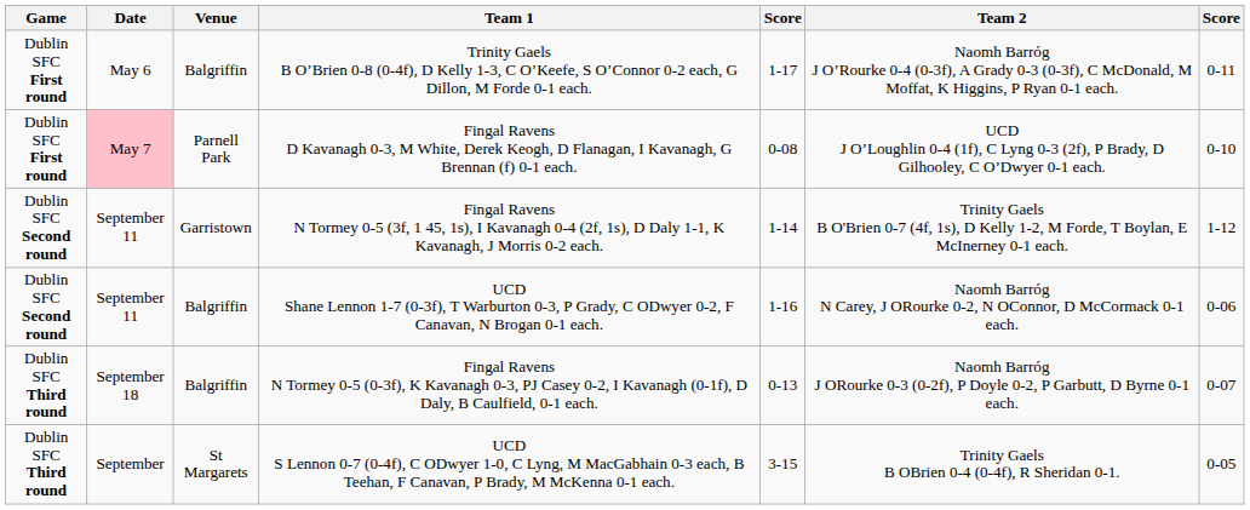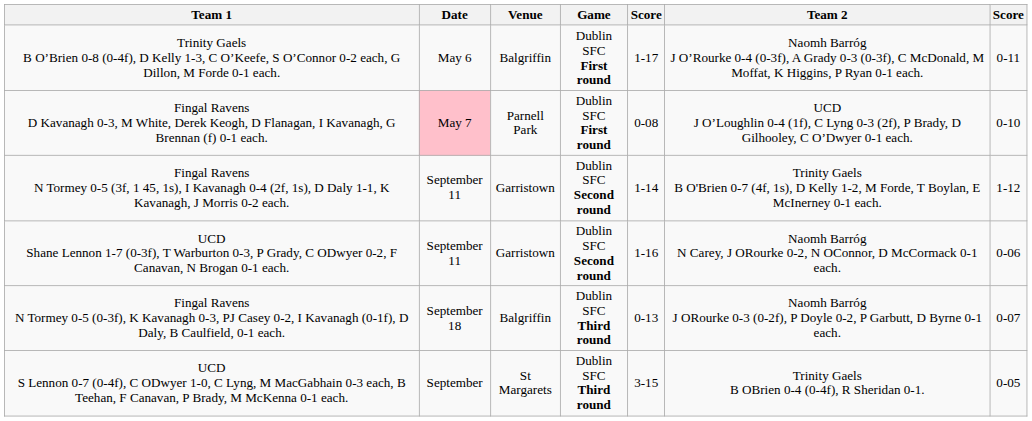 <table class="wikitable">
 <tr>
-<th>Game</th>
+<th>Team 1</th>
 <th>Date</th>
 <th>Venue</th>
-<th>Team 1</th>
+<th>Game</th>
 <th>Score</th>
 <th>Team 2</th>
 <th>Score</th>
 </tr>
 <tr style="text-align:center;">
-<td>Dublin SFC<br><strong>First round</strong></td>
+<td>Trinity Gaels<br>B O’Brien 0-8 (0-4f), D Kelly 1-3, C O’Keefe, S O’Connor 0-2 each, G Dillon, M Forde 0-1 each.</td>
 <td>May 6</td>
 <td>Balgriffin</td>
-<td>Trinity Gaels<br>B O’Brien 0-8 (0-4f), D Kelly 1-3, C O’Keefe, S O’Connor 0-2 each, G Dillon, M Forde 0-1 each.</td>
+<td>Dublin SFC<br><strong>First round</strong></td>
 <td>1-17</td>
 <td>Naomh Barróg<br>J O’Rourke 0-4 (0-3f), A Grady 0-3 (0-3f), C McDonald, M Moffat, K Higgins, P Ryan 0-1 each.</td>
 <td>0-11</td>
 </tr>
 <tr style="text-align:center;">
-<td>Dublin SFC<br><strong>First round</strong></td>
+<td>Fingal Ravens<br>D Kavanagh 0-3, M White, Derek Keogh, D Flanagan, I Kavanagh, G Brennan (f) 0-1 each.</td>
 <td style="background: pink;">May 7</td>
 <td>Parnell Park</td>
-<td>Fingal Ravens<br>D Kavanagh 0-3, M White, Derek Keogh, D Flanagan, I Kavanagh, G Brennan (f) 0-1 each.</td>
+<td>Dublin SFC<br><strong>First round</strong></td>
 <td>0-08</td>
 <td>UCD<br>J O’Loughlin 0-4 (1f), C Lyng 0-3 (2f), P Brady, D Gilhooley, C O’Dwyer 0-1 each.</td>
 <td>0-10</td>
 </tr>
 <tr style="text-align:center;">
-<td>Dublin SFC<br><strong>Second round</strong></td>
+<td>Fingal Ravens<br>N Tormey 0-5 (3f, 1 45, 1s), I Kavanagh 0-4 (2f, 1s), D Daly 1-1, K Kavanagh, J Morris 0-2 each.</td>
 <td>September 11</td>
 <td>Garristown</td>
-<td>Fingal Ravens<br>N Tormey 0-5 (3f, 1 45, 1s), I Kavanagh 0-4 (2f, 1s), D Daly 1-1, K Kavanagh, J Morris 0-2 each.</td>
+<td>Dublin SFC<br><strong>Second round</strong></td>
 <td>1-14</td>
 <td>Trinity Gaels<br>B O'Brien 0-7 (4f, 1s), D Kelly 1-2, M Forde, T Boylan, E McInerney 0-1 each.</td>
 <td>1-12</td>
 </tr>
 <tr style="text-align:center;">
+<td>UCD<br>Shane Lennon 1-7 (0-3f), T Warburton 0-3, P Grady, C ODwyer 0-2, F Canavan, N Brogan 0-1 each.</td>
+<td>September 11</td>
+<td>Garristown</td>
 <td>Dublin SFC<br><strong>Second round</strong></td>
-<td>September 11</td>
-<td>Balgriffin</td>
-<td>UCD<br>Shane Lennon 1-7 (0-3f), T Warburton 0-3, P Grady, C ODwyer 0-2, F Canavan, N Brogan 0-1 each.</td>
 <td>1-16</td>
 <td>Naomh Barróg<br>N Carey, J ORourke 0-2, N OConnor, D McCormack 0-1 each.</td>
 <td>0-06</td>
 </tr>
 <tr style="text-align:center;">
-<td>Dublin SFC<br><strong>Third round</strong></td>
+<td>Fingal Ravens<br>N Tormey 0-5 (0-3f), K Kavanagh 0-3, PJ Casey 0-2, I Kavanagh (0-1f), D Daly, B Caulfield, 0-1 each.</td>
 <td>September 18</td>
 <td>Balgriffin</td>
-<td>Fingal Ravens<br>N Tormey 0-5 (0-3f), K Kavanagh 0-3, PJ Casey 0-2, I Kavanagh (0-1f), D Daly, B Caulfield, 0-1 each.</td>
+<td>Dublin SFC<br><strong>Third round</strong></td>
 <td>0-13</td>
 <td>Naomh Barróg<br>J ORourke 0-3 (0-2f), P Doyle 0-2, P Garbutt, D Byrne 0-1 each.</td>
 <td>0-07</td>
 </tr>
 <tr style="text-align:center;">
-<td>Dublin SFC<br><strong>Third round</strong></td>
+<td>UCD<br>S Lennon 0-7 (0-4f), C ODwyer 1-0, C Lyng, M MacGabhain 0-3 each, B Teehan, F Canavan, P Brady, M McKenna 0-1 each.</td>
 <td>September</td>
 <td>St Margarets</td>
-<td>UCD<br>S Lennon 0-7 (0-4f), C ODwyer 1-0, C Lyng, M MacGabhain 0-3 each, B Teehan, F Canavan, P Brady, M McKenna 0-1 each.</td>
+<td>Dublin SFC<br><strong>Third round</strong></td>
 <td>3-15</td>
 <td>Trinity Gaels<br>B OBrien 0-4 (0-4f), R Sheridan 0-1.</td>
 <td>0-05</td>
 </tr>
 </table>
